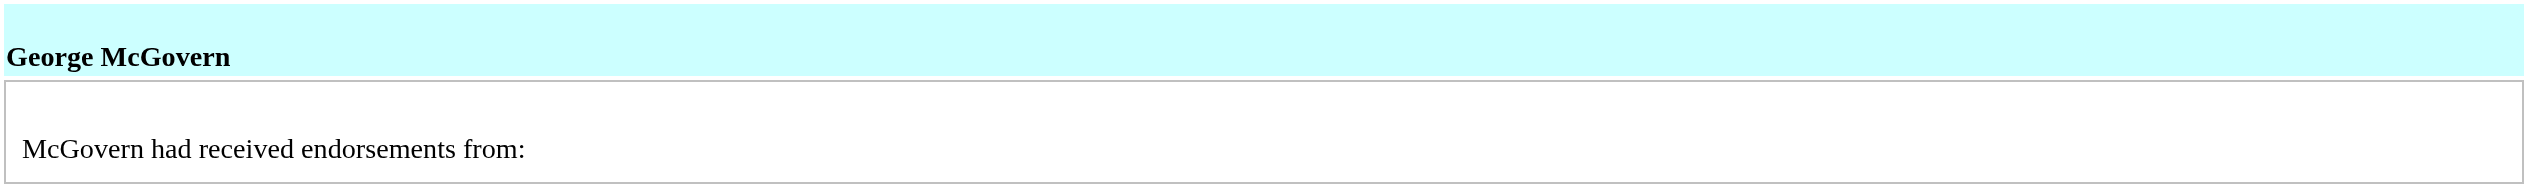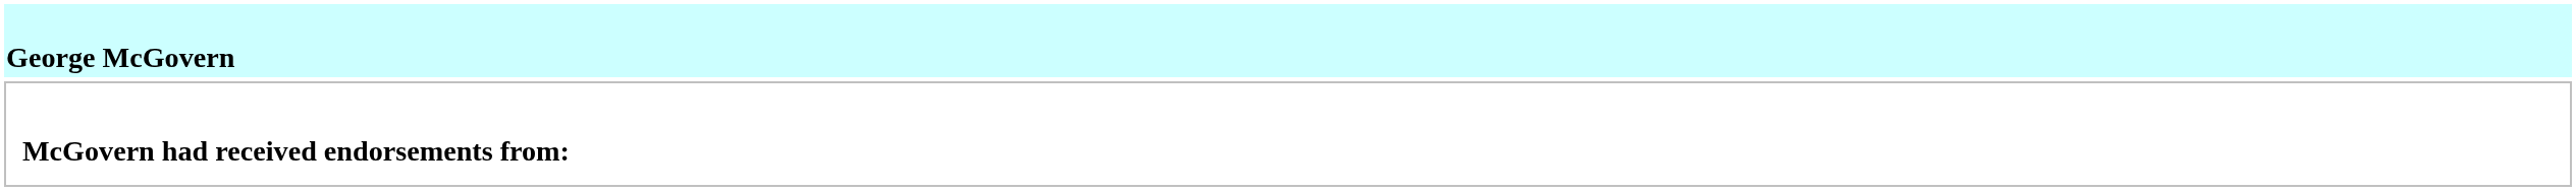 <table class="collapsible collapsed" style="width:100%;font-size:88%;text-align:left; border:0; margin-top:0.2em;">
 <tr>
 <th style="background:#cff; font-weight:normal;"><br><strong>George McGovern</strong></th>
 </tr>
 <tr>
-<td style="border:solid 1px silver; padding:8px; background:white;"><br>McGovern had received endorsements from:</td>
+<td style="border:solid 1px silver; padding:8px; background:white;"><strong><br>McGovern had received endorsements from:</strong></td>
 </tr>
 <tr>
 <td style="text-align:center;"></td>
 </tr>
 </table>
